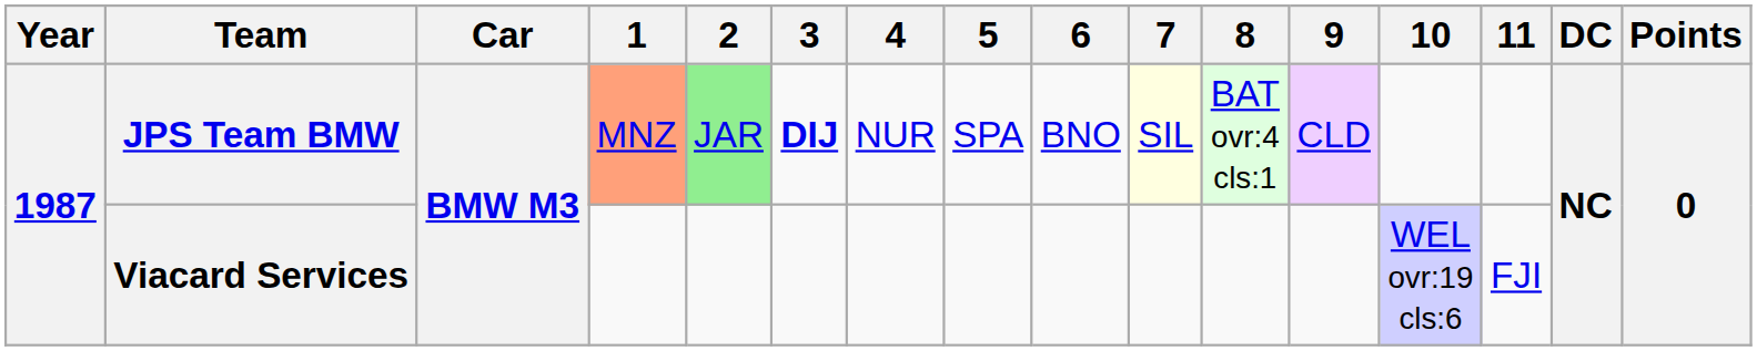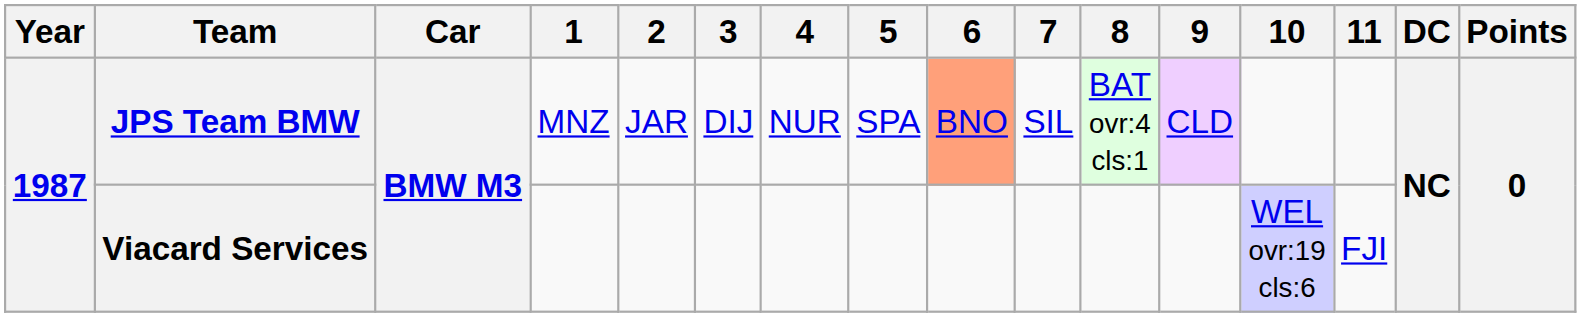 <table class="wikitable" style="text-align:center; font-size:95%">
 <tr>
 <th>Year</th>
 <th>Team</th>
 <th>Car</th>
 <th>1</th>
 <th>2</th>
 <th>3</th>
 <th>4</th>
 <th>5</th>
 <th>6</th>
 <th>7</th>
 <th>8</th>
 <th>9</th>
 <th>10</th>
 <th>11</th>
 <th>DC</th>
 <th>Points</th>
 </tr>
 <tr>
 <th rowspan=2><a href='#'>1987</a></th>
 <th> <a href='#'>JPS Team BMW</a></th>
 <th rowspan=2><a href='#'>BMW M3</a></th>
-<td style="background: lightsalmon;"><a href='#'>MNZ</a></td>
-<td style="background: lightgreen;"><a href='#'>JAR</a></td>
-<td><strong><a href='#'>DIJ</a></strong></td>
+<td><a href='#'>MNZ</a></td>
+<td><a href='#'>JAR</a></td>
+<td><a href='#'>DIJ</a></td>
 <td><a href='#'>NUR</a></td>
 <td><a href='#'>SPA</a></td>
-<td><a href='#'>BNO</a></td>
-<td style="background: lightyellow;"><a href='#'>SIL</a></td>
+<td style="background: lightsalmon;"><a href='#'>BNO</a></td>
+<td><a href='#'>SIL</a></td>
 <td style="background:#dfffdf;"><a href='#'>BAT</a><br><small>ovr:4<br>cls:1</small></td>
 <td style="background:#efcfff;"><a href='#'>CLD</a><br></td>
 <td></td>
 <td></td>
 <th rowspan=2>NC</th>
 <th rowspan=2>0</th>
 </tr>
 <tr>
 <th> Viacard Services</th>
 <td></td>
 <td></td>
 <td></td>
 <td></td>
 <td></td>
 <td></td>
 <td></td>
 <td></td>
 <td></td>
 <td style="background:#cfcfff;"><a href='#'>WEL</a><br><small>ovr:19<br>cls:6</small></td>
 <td><a href='#'>FJI</a></td>
 </tr>
 </table>
